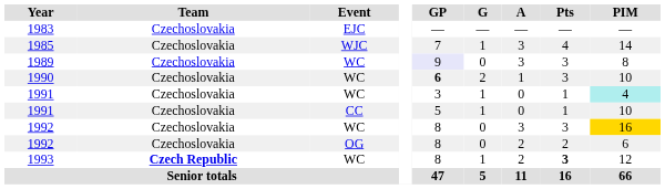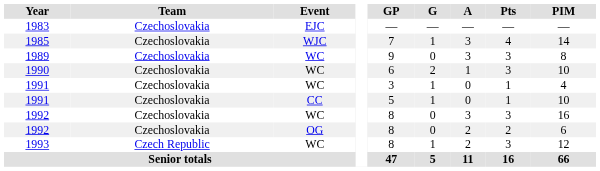 <table border="0" cellpadding="1" cellspacing="0" style="text-align:center; width:50em">
 <tr ALIGN="center" bgcolor="#e0e0e0">
 <th>Year</th>
 <th>Team</th>
 <th>Event</th>
 <th rowspan="99" bgcolor="#ffffff"> </th>
 <th>GP</th>
 <th>G</th>
 <th>A</th>
 <th>Pts</th>
 <th>PIM</th>
 </tr>
 <tr>
 <td><a href='#'>1983</a></td>
 <td><a href='#'>Czechoslovakia</a></td>
 <td><a href='#'>EJC</a></td>
 <td>—</td>
 <td>—</td>
 <td>—</td>
 <td>—</td>
 <td>—</td>
 </tr>
 <tr bgcolor="#f0f0f0">
 <td><a href='#'>1985</a></td>
 <td>Czechoslovakia</td>
 <td><a href='#'>WJC</a></td>
 <td>7</td>
 <td>1</td>
 <td>3</td>
 <td>4</td>
 <td>14</td>
 </tr>
 <tr>
 <td><a href='#'>1989</a></td>
 <td><a href='#'>Czechoslovakia</a></td>
 <td><a href='#'>WC</a></td>
-<td style="background: lavender;">9</td>
+<td>9</td>
 <td>0</td>
 <td>3</td>
 <td>3</td>
 <td>8</td>
 </tr>
 <tr bgcolor="#f0f0f0">
 <td><a href='#'>1990</a></td>
 <td>Czechoslovakia</td>
 <td>WC</td>
-<td><strong>6</strong></td>
+<td>6</td>
 <td>2</td>
 <td>1</td>
 <td>3</td>
 <td>10</td>
 </tr>
 <tr>
 <td><a href='#'>1991</a></td>
 <td>Czechoslovakia</td>
 <td>WC</td>
 <td>3</td>
 <td>1</td>
 <td>0</td>
 <td>1</td>
-<td style="background: paleturquoise;">4</td>
+<td>4</td>
 </tr>
 <tr bgcolor="#f0f0f0">
 <td><a href='#'>1991</a></td>
 <td>Czechoslovakia</td>
 <td><a href='#'>CC</a></td>
 <td>5</td>
 <td>1</td>
 <td>0</td>
 <td>1</td>
 <td>10</td>
 </tr>
 <tr>
 <td><a href='#'>1992</a></td>
 <td>Czechoslovakia</td>
 <td>WC</td>
 <td>8</td>
 <td>0</td>
 <td>3</td>
 <td>3</td>
-<td style="background: gold;">16</td>
+<td>16</td>
 </tr>
 <tr bgcolor="#f0f0f0">
 <td><a href='#'>1992</a></td>
 <td>Czechoslovakia</td>
 <td><a href='#'>OG</a></td>
 <td>8</td>
 <td>0</td>
 <td>2</td>
 <td>2</td>
 <td>6</td>
 </tr>
 <tr>
 <td><a href='#'>1993</a></td>
-<td><strong><a href='#'>Czech Republic</a></strong></td>
+<td><a href='#'>Czech Republic</a></td>
 <td>WC</td>
 <td>8</td>
 <td>1</td>
 <td>2</td>
-<td><strong>3</strong></td>
+<td>3</td>
 <td>12</td>
 </tr>
 <tr bgcolor="#e0e0e0">
 <th colspan=3>Senior totals</th>
 <th>47</th>
 <th>5</th>
 <th>11</th>
 <th>16</th>
 <th>66</th>
 </tr>
 </table>
